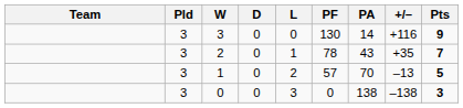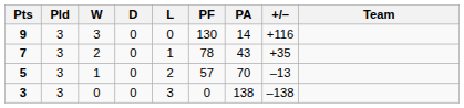 <table class="wikitable" style="text-align: center;">
 <tr>
-<th width="200">Team</th>
+<th width="40">Pts</th>
 <th width="40">Pld</th>
 <th width="40">W</th>
 <th width="40">D</th>
 <th width="40">L</th>
 <th width="40">PF</th>
 <th width="40">PA</th>
 <th width="40">+/–</th>
-<th width="40">Pts</th>
+<th width="200">Team</th>
 </tr>
 <tr>
-<td align=left></td>
+<td><strong>9</strong></td>
 <td>3</td>
 <td>3</td>
 <td>0</td>
 <td>0</td>
 <td>130</td>
 <td>14</td>
 <td>+116</td>
-<td><strong>9</strong></td>
+<td align=left></td>
 </tr>
 <tr>
-<td align=left></td>
+<td><strong>7</strong></td>
 <td>3</td>
 <td>2</td>
 <td>0</td>
 <td>1</td>
 <td>78</td>
 <td>43</td>
 <td>+35</td>
-<td><strong>7</strong></td>
+<td align=left></td>
 </tr>
 <tr>
-<td align=left></td>
+<td><strong>5</strong></td>
 <td>3</td>
 <td>1</td>
 <td>0</td>
 <td>2</td>
 <td>57</td>
 <td>70</td>
 <td>–13</td>
-<td><strong>5</strong></td>
+<td align=left></td>
 </tr>
 <tr>
-<td align=left></td>
+<td><strong>3</strong></td>
 <td>3</td>
 <td>0</td>
 <td>0</td>
 <td>3</td>
 <td>0</td>
 <td>138</td>
 <td>–138</td>
-<td><strong>3</strong></td>
+<td align=left></td>
 </tr>
 </table>
